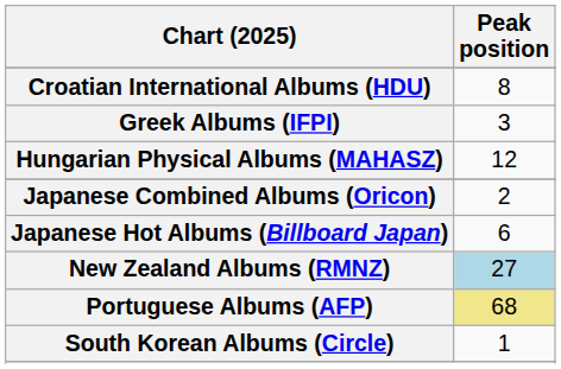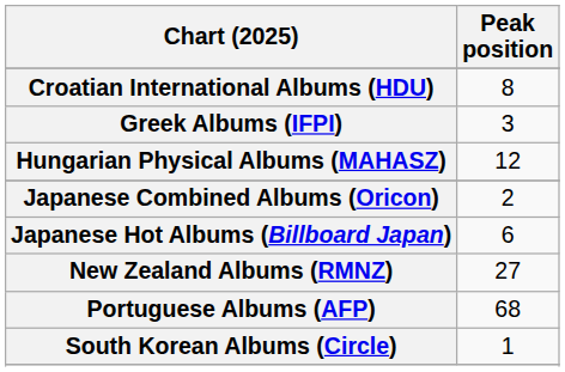 <table class="wikitable sortable plainrowheaders" style="text-align:center">
 <tr>
 <th scope="col">Chart (2025)</th>
 <th scope="col">Peak<br>position</th>
 </tr>
 <tr>
 </tr>
 <tr>
 </tr>
 <tr>
 </tr>
 <tr>
 <th scope="row">Croatian International Albums (<a href='#'>HDU</a>)</th>
 <td>8</td>
 </tr>
 <tr>
 <th scope="row">Greek Albums (<a href='#'>IFPI</a>)</th>
 <td>3</td>
 </tr>
 <tr>
 <th scope="row">Hungarian Physical Albums (<a href='#'>MAHASZ</a>)</th>
 <td>12</td>
 </tr>
 <tr>
 </tr>
 <tr>
 <th scope="row">Japanese Combined Albums (<a href='#'>Oricon</a>)</th>
 <td>2</td>
 </tr>
 <tr>
 <th scope="row">Japanese Hot Albums (<em><a href='#'>Billboard Japan</a></em>)</th>
 <td>6</td>
 </tr>
 <tr>
 <th scope="row">New Zealand Albums (<a href='#'>RMNZ</a>)</th>
-<td style="background: lightblue;">27</td>
+<td>27</td>
 </tr>
 <tr>
 <th scope="row">Portuguese Albums (<a href='#'>AFP</a>)</th>
-<td style="background: khaki;">68</td>
+<td>68</td>
 </tr>
 <tr>
 <th scope="row">South Korean Albums (<a href='#'>Circle</a>)</th>
 <td>1</td>
 </tr>
 <tr>
 </tr>
 <tr>
 </tr>
 <tr>
 </tr>
 <tr>
 </tr>
 </table>
